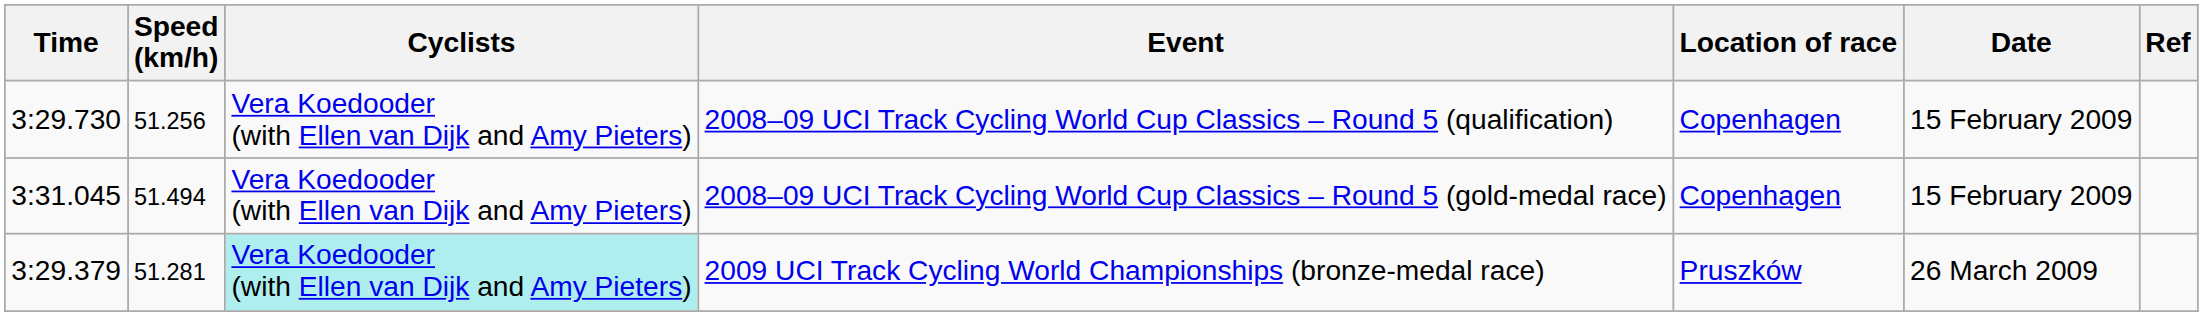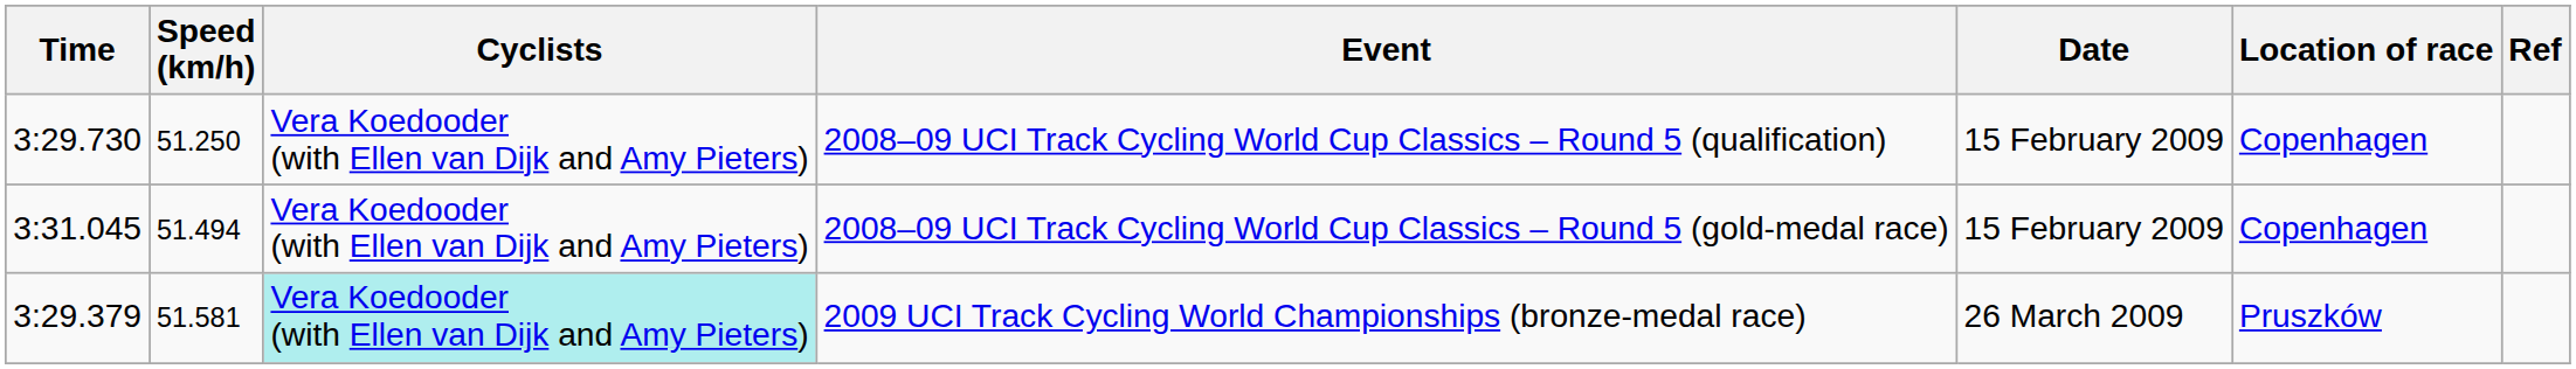 <table class="wikitable">
 <tr>
 <th>Time</th>
 <th>Speed<br>(km/h)</th>
 <th>Cyclists</th>
 <th>Event</th>
+<th>Date</th>
 <th>Location of race</th>
-<th>Date</th>
 <th>Ref</th>
 </tr>
 <tr>
 <td>3:29.730</td>
-<td><small>51.256</small></td>
+<td><small>51.250</small></td>
 <td><a href='#'>Vera Koedooder</a><br>(with <a href='#'>Ellen van Dijk</a> and <a href='#'>Amy Pieters</a>)</td>
 <td><a href='#'>2008–09 UCI Track Cycling World Cup Classics – Round 5</a> (qualification)</td>
+<td>15 February 2009</td>
 <td> <a href='#'>Copenhagen</a></td>
-<td>15 February 2009</td>
 <td></td>
 </tr>
 <tr>
 <td>3:31.045</td>
 <td><small>51.494</small></td>
 <td><a href='#'>Vera Koedooder</a><br>(with <a href='#'>Ellen van Dijk</a> and <a href='#'>Amy Pieters</a>)</td>
 <td><a href='#'>2008–09 UCI Track Cycling World Cup Classics – Round 5</a> (gold-medal race)</td>
+<td>15 February 2009</td>
 <td> <a href='#'>Copenhagen</a></td>
-<td>15 February 2009</td>
 <td></td>
 </tr>
 <tr>
 <td>3:29.379</td>
-<td><small>51.281</small></td>
+<td><small>51.581</small></td>
 <td style="background: paleturquoise;"><a href='#'>Vera Koedooder</a><br>(with <a href='#'>Ellen van Dijk</a> and <a href='#'>Amy Pieters</a>)</td>
 <td><a href='#'>2009 UCI Track Cycling World Championships</a> (bronze-medal race)</td>
+<td>26 March 2009</td>
 <td> <a href='#'>Pruszków</a></td>
-<td>26 March 2009</td>
 <td></td>
 </tr>
 </table>
